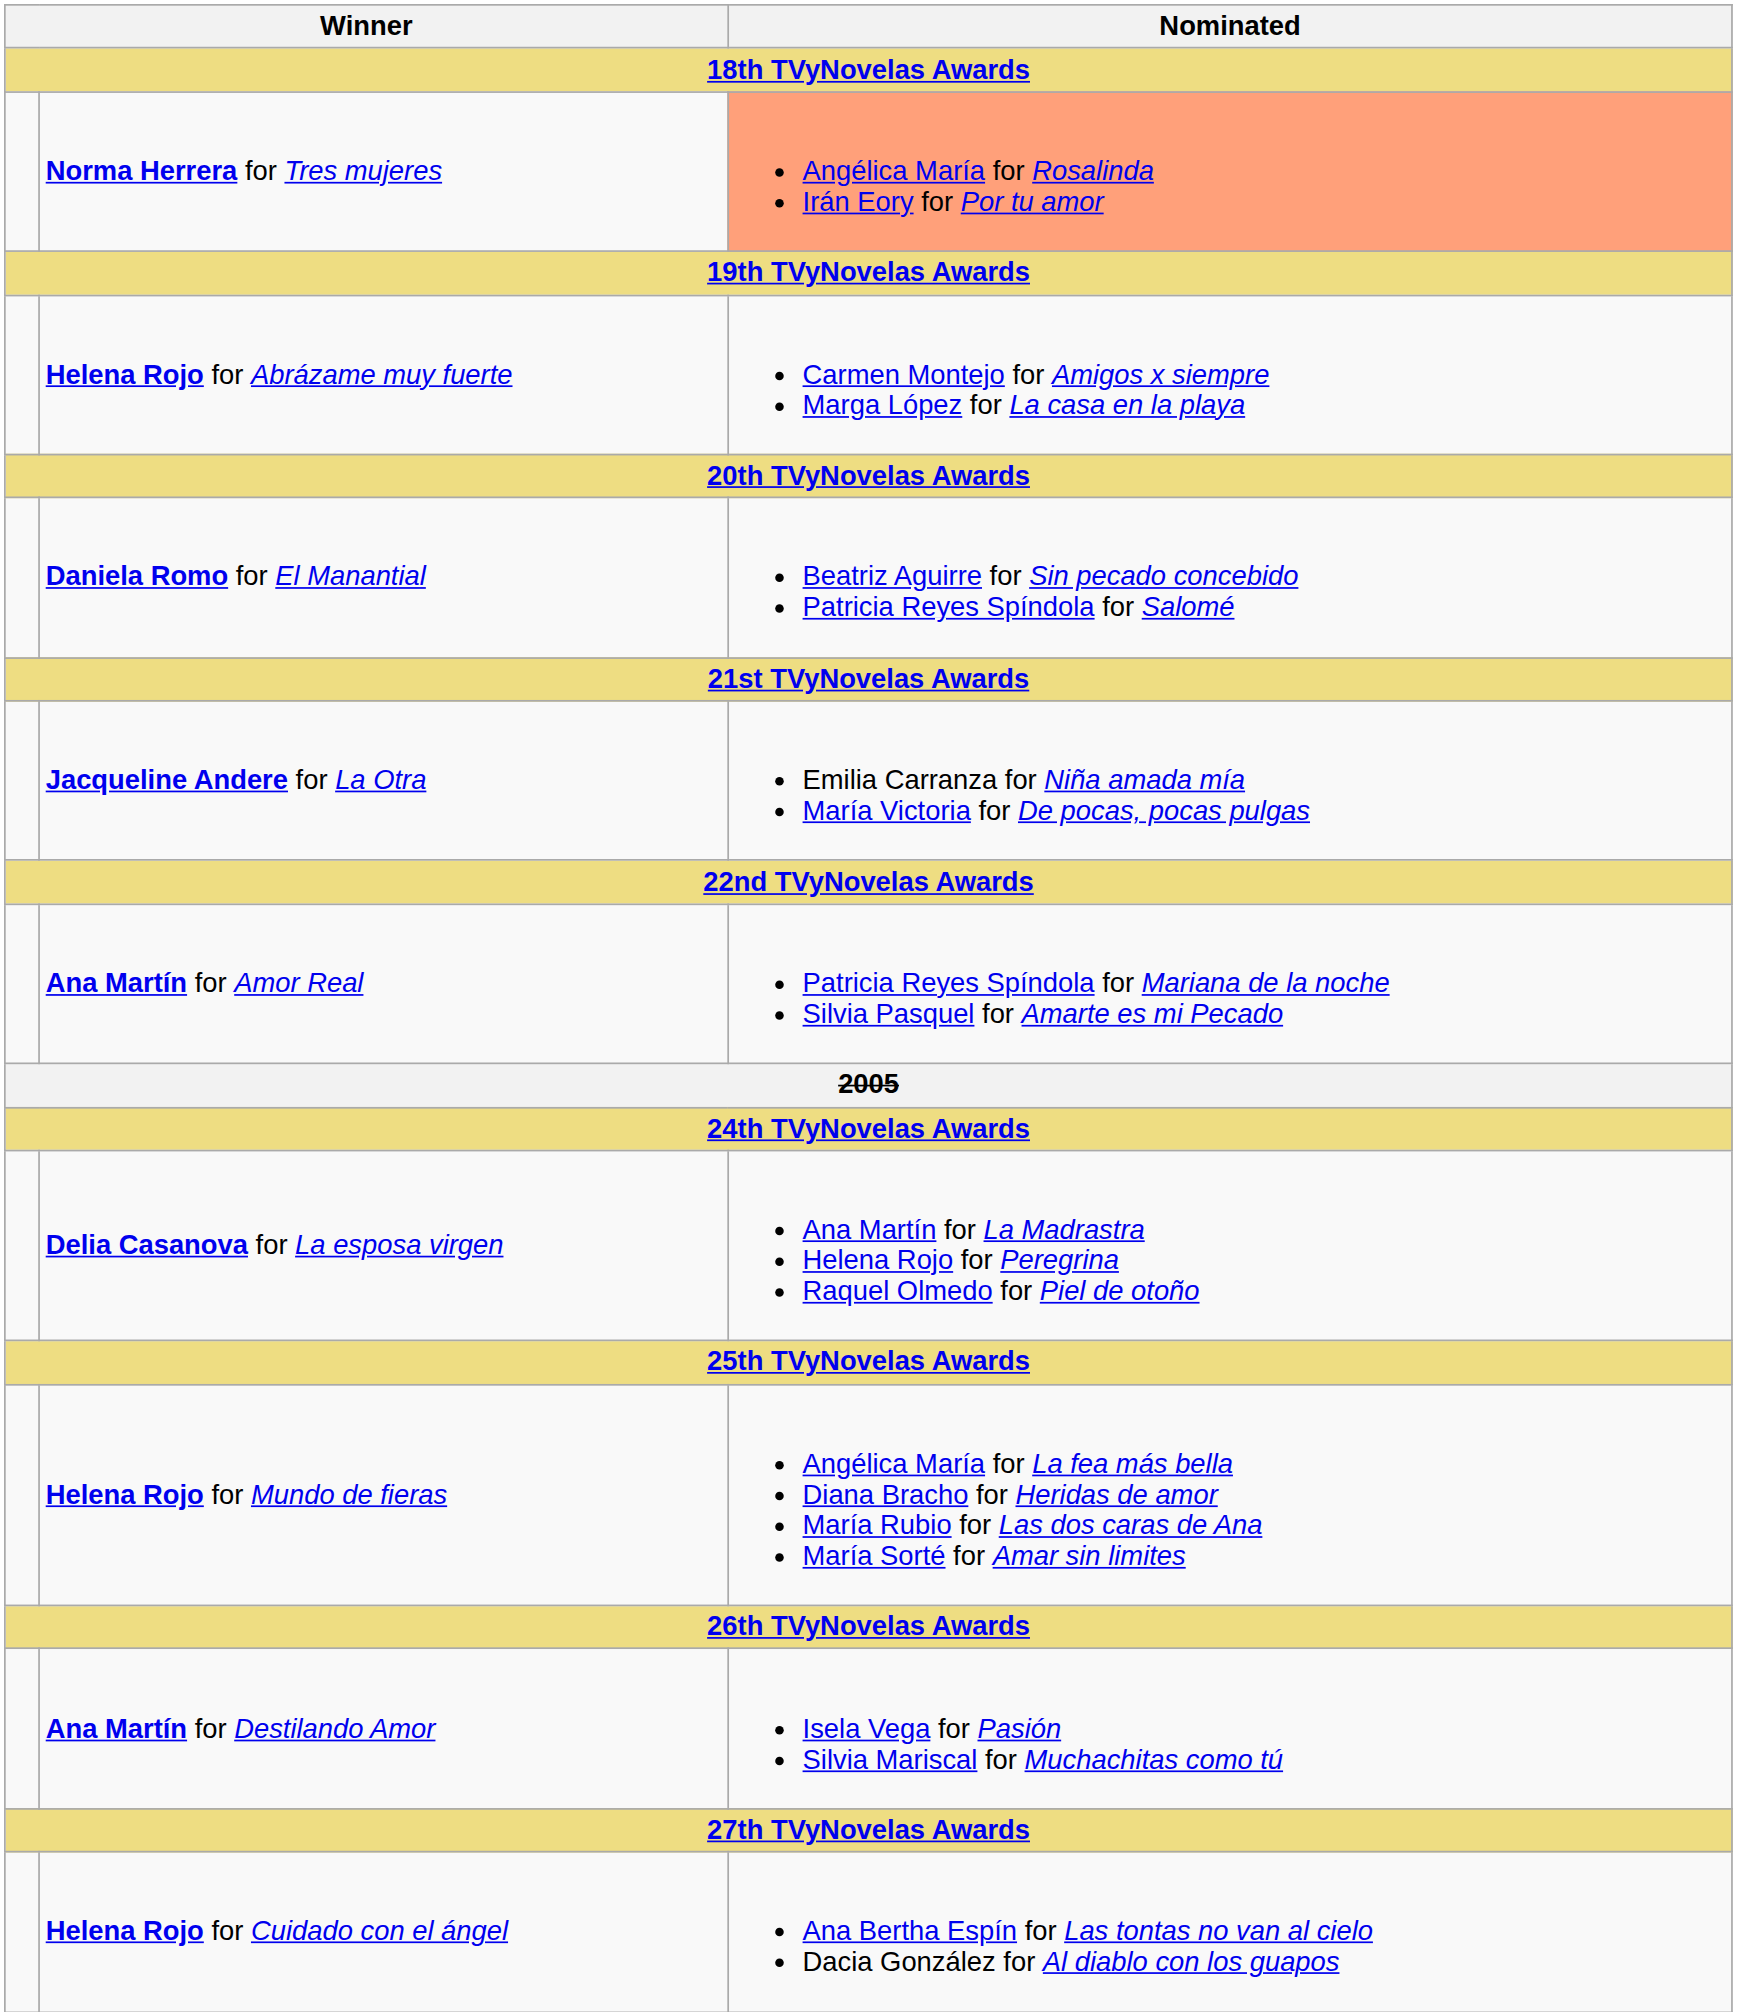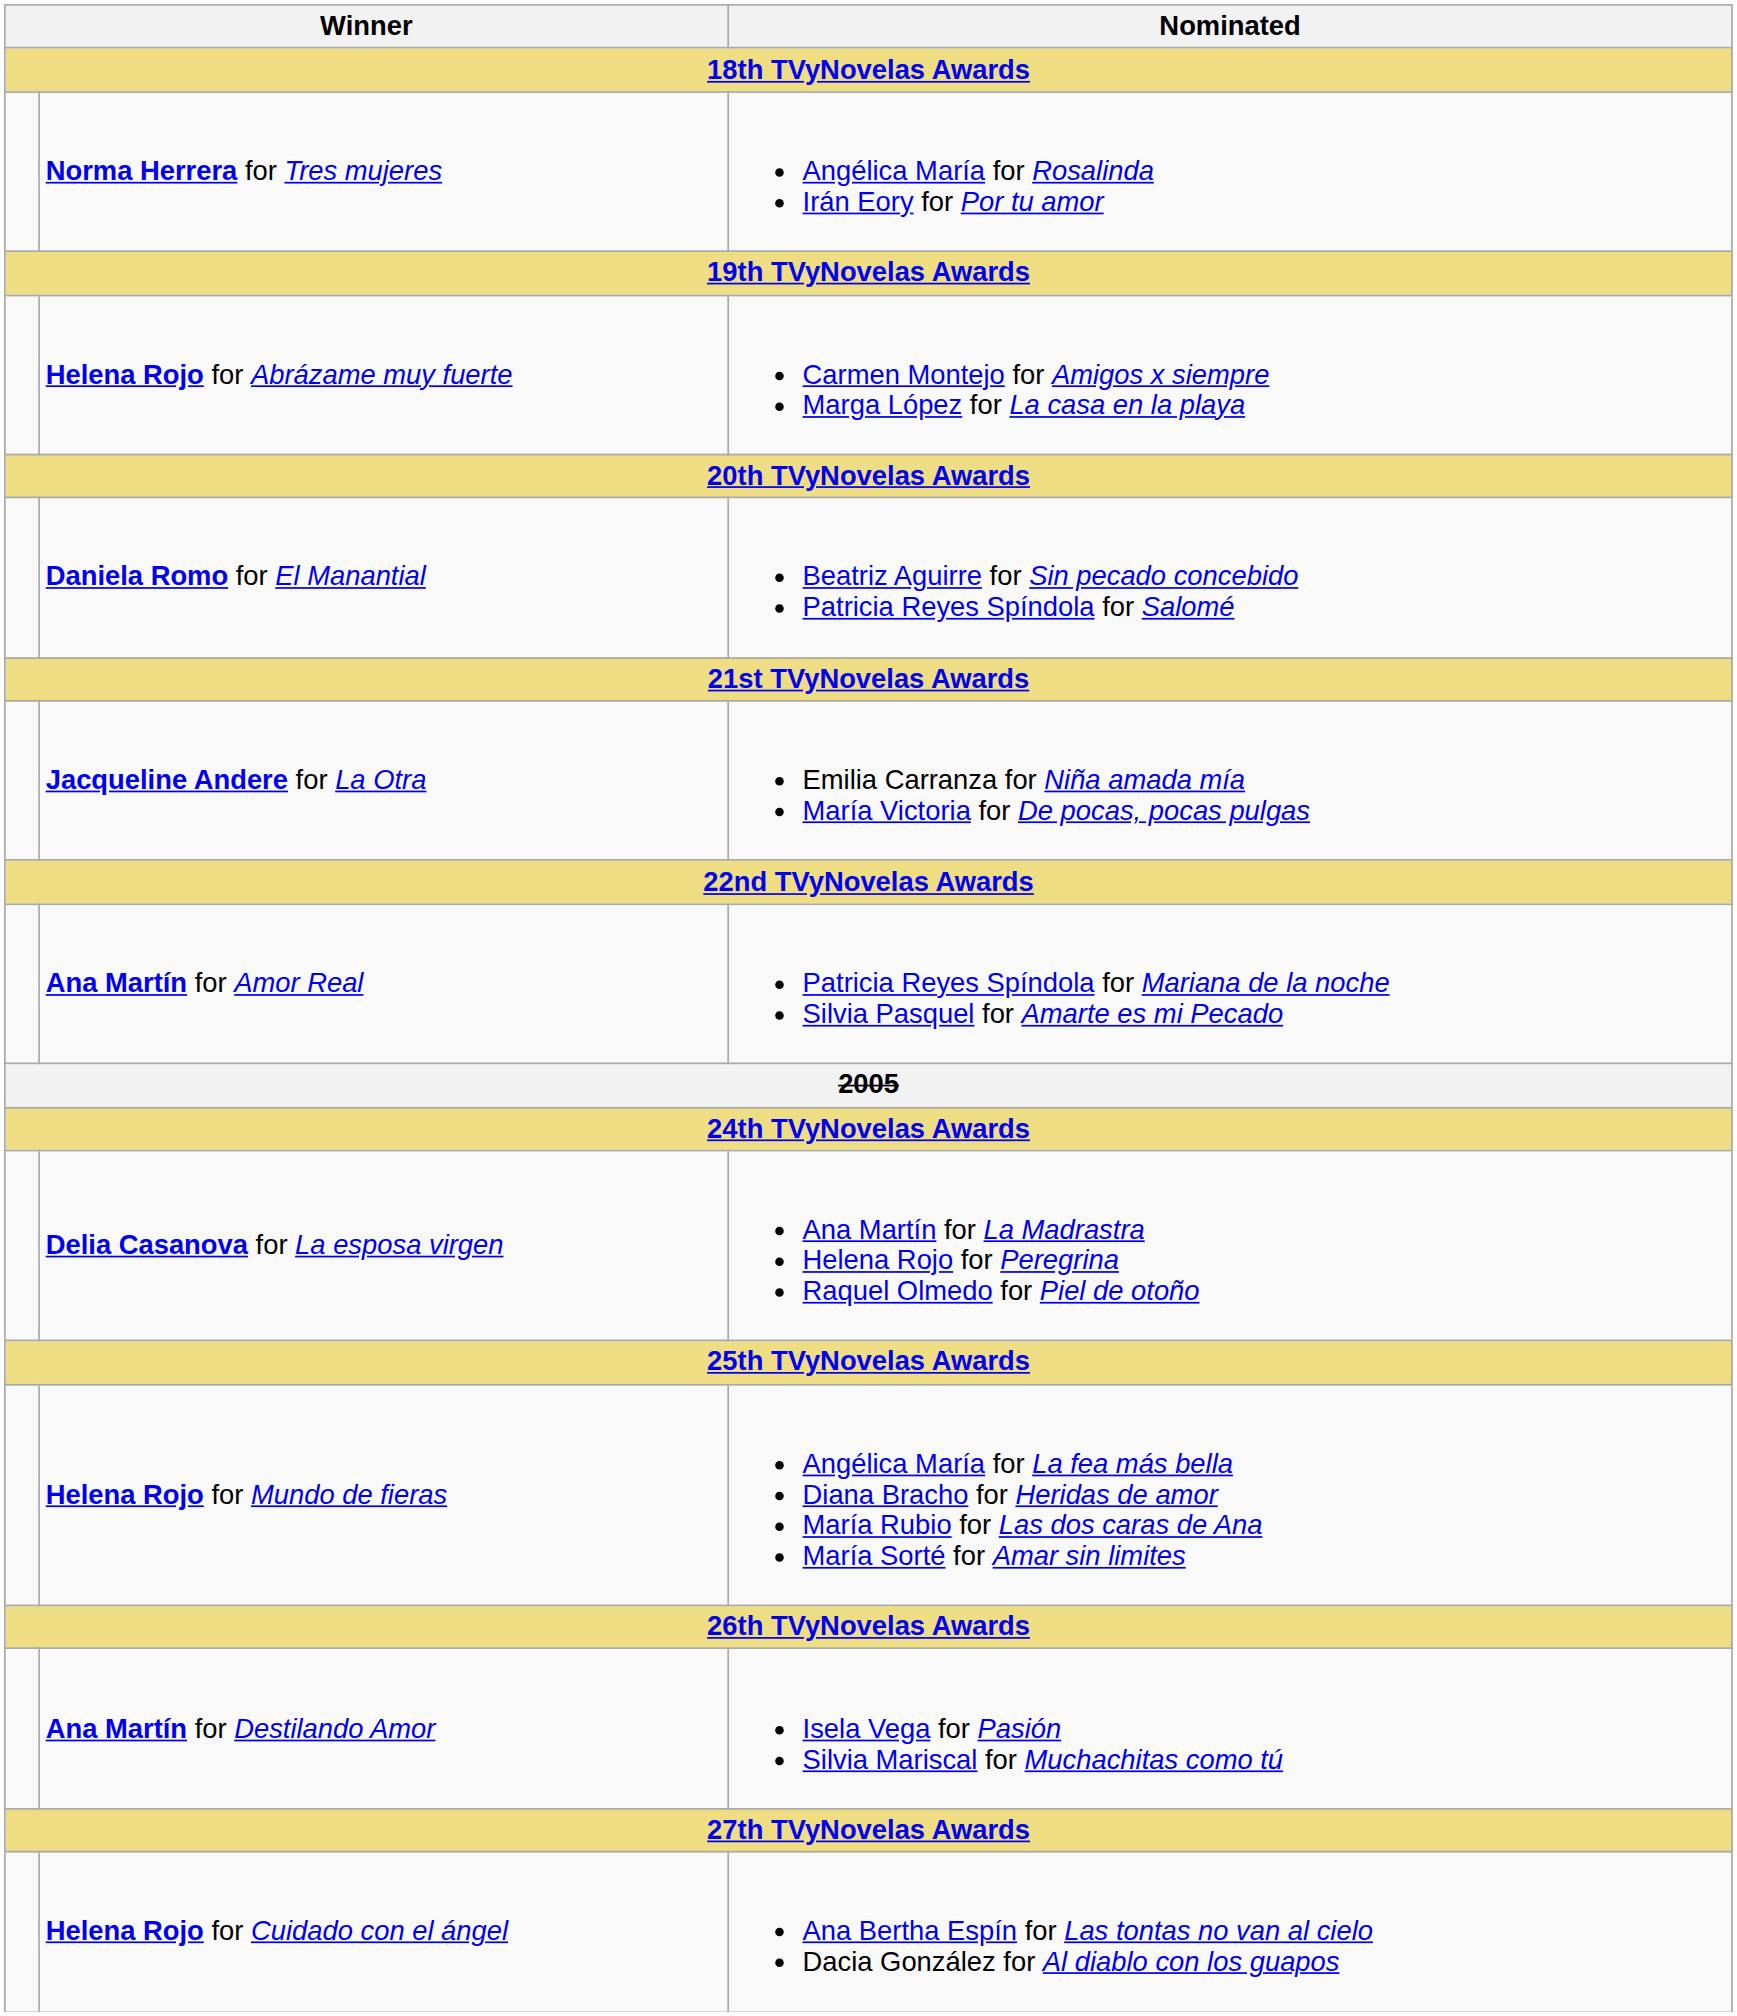 <table class="wikitable" width=80%>
 <tr align=center>
 <th width="150px;" colspan=2; align="center">Winner</th>
 <th width="580px;" align="center">Nominated</th>
 </tr>
 <tr>
 <th colspan=9 style="background:#EEDD82;"  align="center"><strong><a href='#'>18th TVyNovelas Awards</a></strong></th>
 </tr>
 <tr>
 <td width=2%></td>
 <td><strong><a href='#'>Norma Herrera</a></strong> for <em><a href='#'>Tres mujeres</a></em></td>
-<td style="background: lightsalmon;"><br><ul><li><a href='#'>Angélica María</a> for <em><a href='#'>Rosalinda</a></em></li><li><a href='#'>Irán Eory</a> for <em><a href='#'>Por tu amor</a></em></li></ul></td>
+<td><br><ul><li><a href='#'>Angélica María</a> for <em><a href='#'>Rosalinda</a></em></li><li><a href='#'>Irán Eory</a> for <em><a href='#'>Por tu amor</a></em></li></ul></td>
 </tr>
 <tr>
 <th colspan=9 style="background:#EEDD82;"  align="center"><strong><a href='#'>19th TVyNovelas Awards</a></strong></th>
 </tr>
 <tr>
 <td width=2%></td>
 <td><strong><a href='#'>Helena Rojo</a></strong> for <em><a href='#'>Abrázame muy fuerte</a></em></td>
 <td><br><ul><li><a href='#'>Carmen Montejo</a> for <em><a href='#'>Amigos x siempre</a></em></li><li><a href='#'>Marga López</a> for <em><a href='#'>La casa en la playa</a></em></li></ul></td>
 </tr>
 <tr>
 <th colspan=9 style="background:#EEDD82;"  align="center"><strong><a href='#'>20th TVyNovelas Awards</a></strong></th>
 </tr>
 <tr>
 <td width=2%></td>
 <td><strong><a href='#'>Daniela Romo</a></strong> for <em><a href='#'>El Manantial</a></em></td>
 <td><br><ul><li><a href='#'>Beatriz Aguirre</a> for <em><a href='#'>Sin pecado concebido</a></em></li><li><a href='#'>Patricia Reyes Spíndola</a> for <em><a href='#'>Salomé</a></em></li></ul></td>
 </tr>
 <tr>
 <th colspan=9 style="background:#EEDD82;"  align="center"><strong><a href='#'>21st TVyNovelas Awards</a></strong></th>
 </tr>
 <tr>
 <td width=2%></td>
 <td><strong><a href='#'>Jacqueline Andere</a></strong> for <em><a href='#'>La Otra</a></em></td>
 <td><br><ul><li>Emilia Carranza for <em><a href='#'>Niña amada mía</a></em></li><li><a href='#'>María Victoria</a> for <em><a href='#'>De pocas, pocas pulgas</a></em></li></ul></td>
 </tr>
 <tr>
 <th colspan=9 style="background:#EEDD82;"  align="center"><strong><a href='#'>22nd TVyNovelas Awards</a></strong></th>
 </tr>
 <tr>
 <td width=2%></td>
 <td><strong><a href='#'>Ana Martín</a></strong> for <em><a href='#'>Amor Real</a></em></td>
 <td><br><ul><li><a href='#'>Patricia Reyes Spíndola</a> for <em><a href='#'>Mariana de la noche</a></em></li><li><a href='#'>Silvia Pasquel</a> for <em><a href='#'>Amarte es mi Pecado</a></em></li></ul></td>
 </tr>
 <tr>
 <th colspan=9 align="center"><s>2005</s></th>
 </tr>
 <tr>
 <th colspan=9 style="background:#EEDD82;"  align="center"><strong><a href='#'>24th TVyNovelas Awards</a></strong></th>
 </tr>
 <tr>
 <td width=2%></td>
 <td><strong><a href='#'>Delia Casanova</a></strong> for <em><a href='#'>La esposa virgen</a></em></td>
 <td><br><ul><li><a href='#'>Ana Martín</a> for <em><a href='#'>La Madrastra</a></em></li><li><a href='#'>Helena Rojo</a> for <em><a href='#'>Peregrina</a></em></li><li><a href='#'>Raquel Olmedo</a> for <em><a href='#'>Piel de otoño</a></em></li></ul></td>
 </tr>
 <tr>
 <th colspan=9 style="background:#EEDD82;"  align="center"><strong><a href='#'>25th TVyNovelas Awards</a></strong></th>
 </tr>
 <tr>
 <td width=2%></td>
 <td><strong><a href='#'>Helena Rojo</a></strong> for <em><a href='#'>Mundo de fieras</a></em></td>
 <td><br><ul><li><a href='#'>Angélica María</a> for <em><a href='#'>La fea más bella</a></em></li><li><a href='#'>Diana Bracho</a> for <em><a href='#'>Heridas de amor</a></em></li><li><a href='#'>María Rubio</a> for <em><a href='#'>Las dos caras de Ana</a></em></li><li><a href='#'>María Sorté</a> for <em><a href='#'>Amar sin limites</a></em></li></ul></td>
 </tr>
 <tr>
 <th colspan=9 style="background:#EEDD82;"  align="center"><strong><a href='#'>26th TVyNovelas Awards</a></strong></th>
 </tr>
 <tr>
 <td width=2%></td>
 <td><strong><a href='#'>Ana Martín</a></strong> for <em><a href='#'>Destilando Amor</a></em></td>
 <td><br><ul><li><a href='#'>Isela Vega</a> for <em><a href='#'>Pasión</a></em></li><li><a href='#'>Silvia Mariscal</a> for <em><a href='#'>Muchachitas como tú</a></em></li></ul></td>
 </tr>
 <tr>
 <th colspan=9 style="background:#EEDD82;"  align="center"><strong><a href='#'>27th TVyNovelas Awards</a></strong></th>
 </tr>
 <tr>
 <td width=2%></td>
 <td><strong><a href='#'>Helena Rojo</a></strong> for <em><a href='#'>Cuidado con el ángel</a></em></td>
 <td><br><ul><li><a href='#'>Ana Bertha Espín</a> for <em><a href='#'>Las tontas no van al cielo</a></em></li><li>Dacia González for <em><a href='#'>Al diablo con los guapos</a></em></li></ul></td>
 </tr>
 </table>
